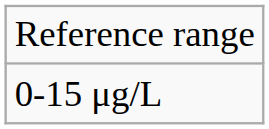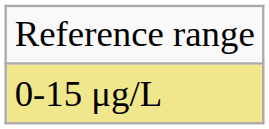 <table class="wikitable" align="right">
 <tr>
 <td>Reference range</td>
 </tr>
 <tr>
-<td>0-15 μg/L</td>
+<td style="background: khaki;">0-15 μg/L</td>
 </tr>
 </table>
